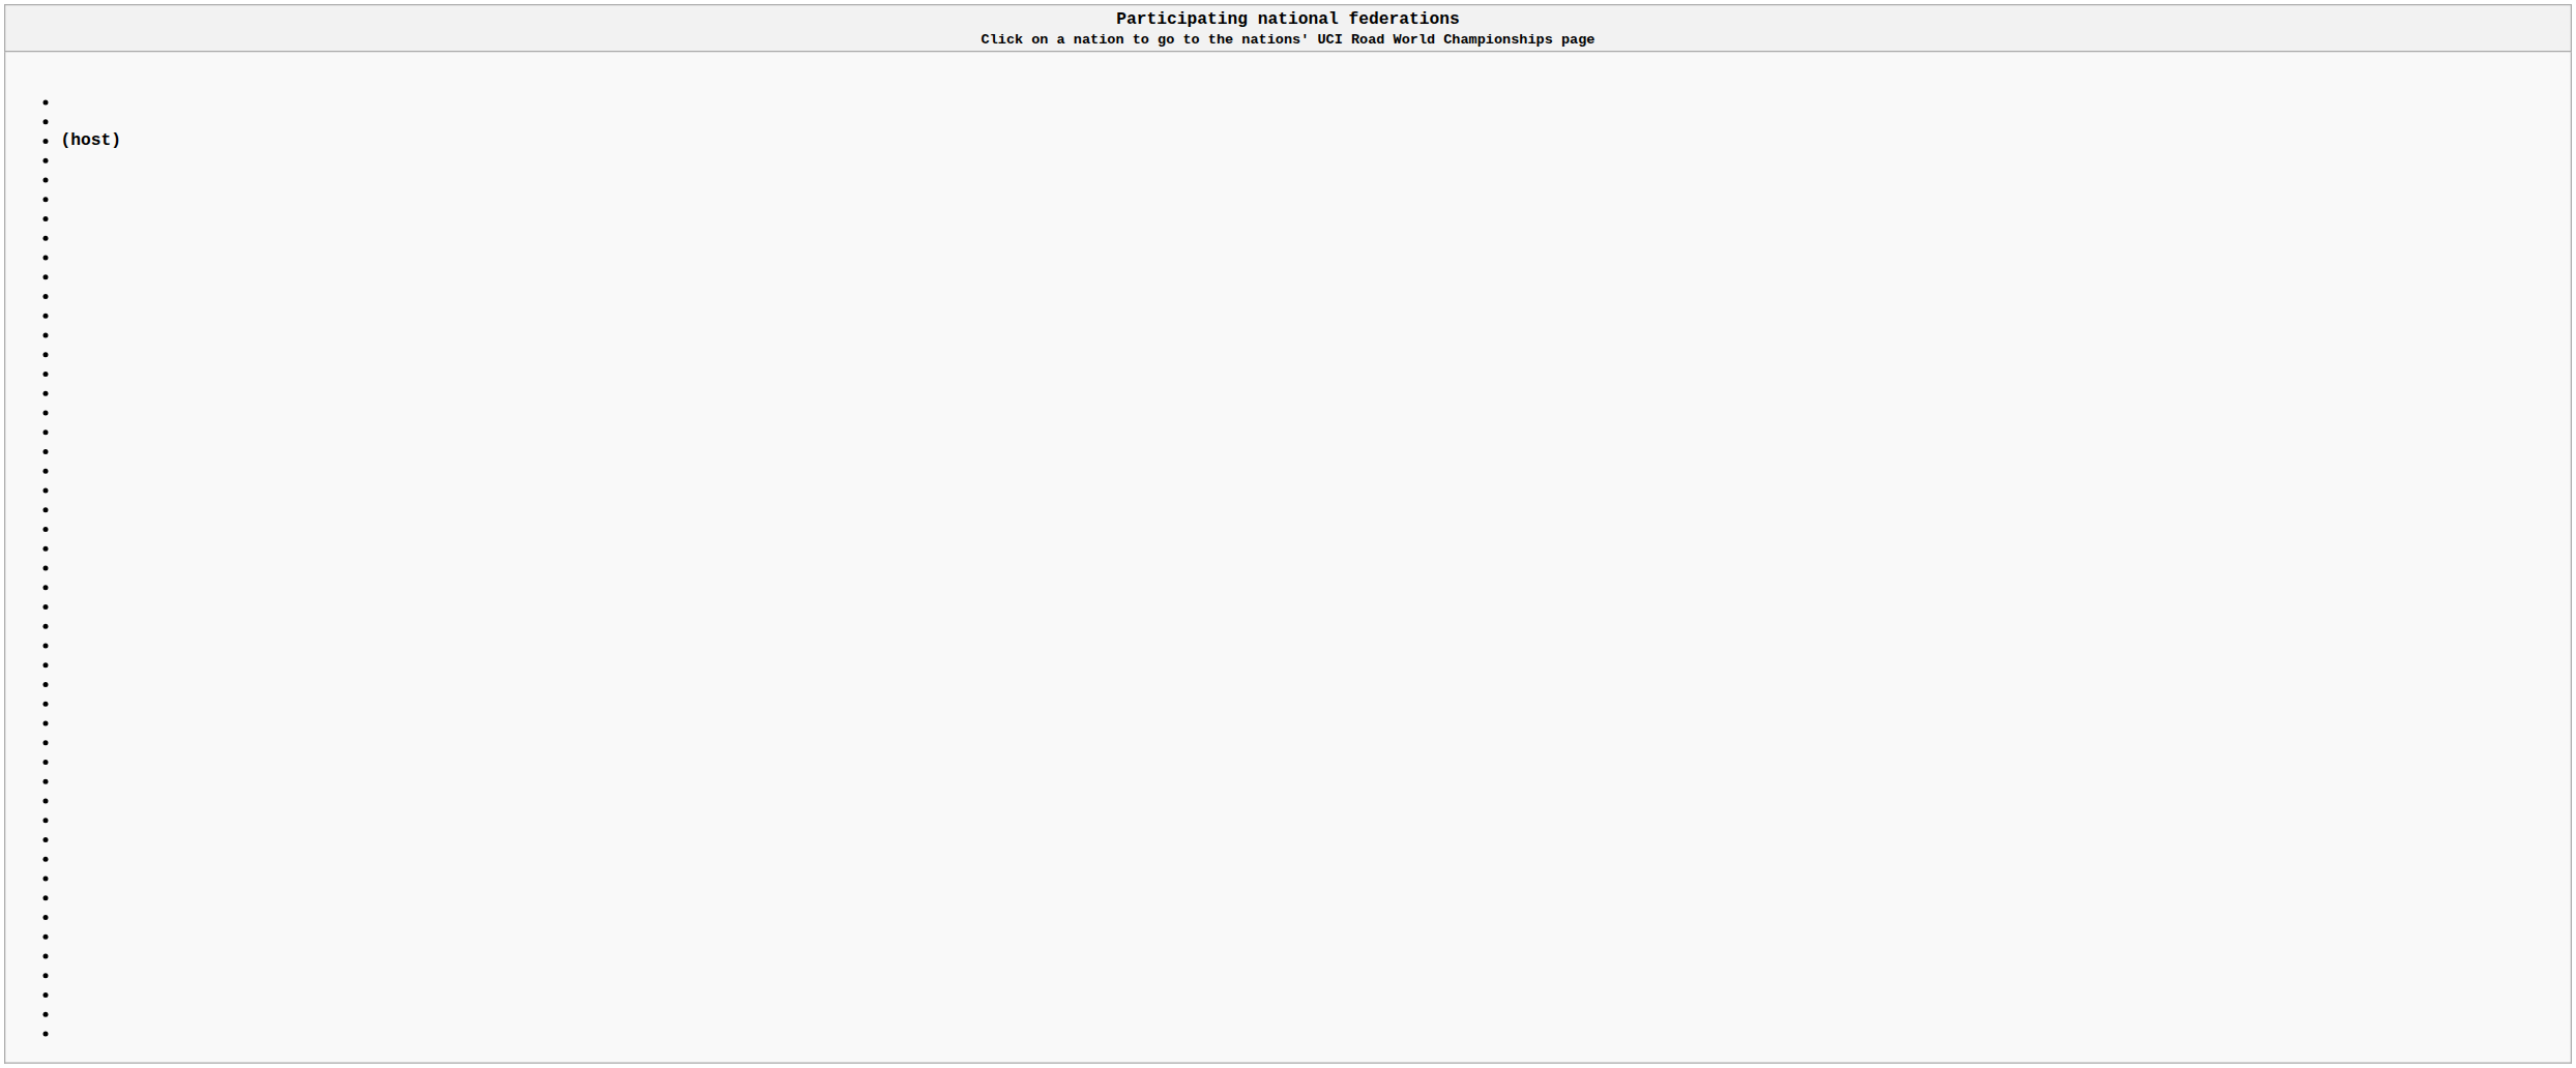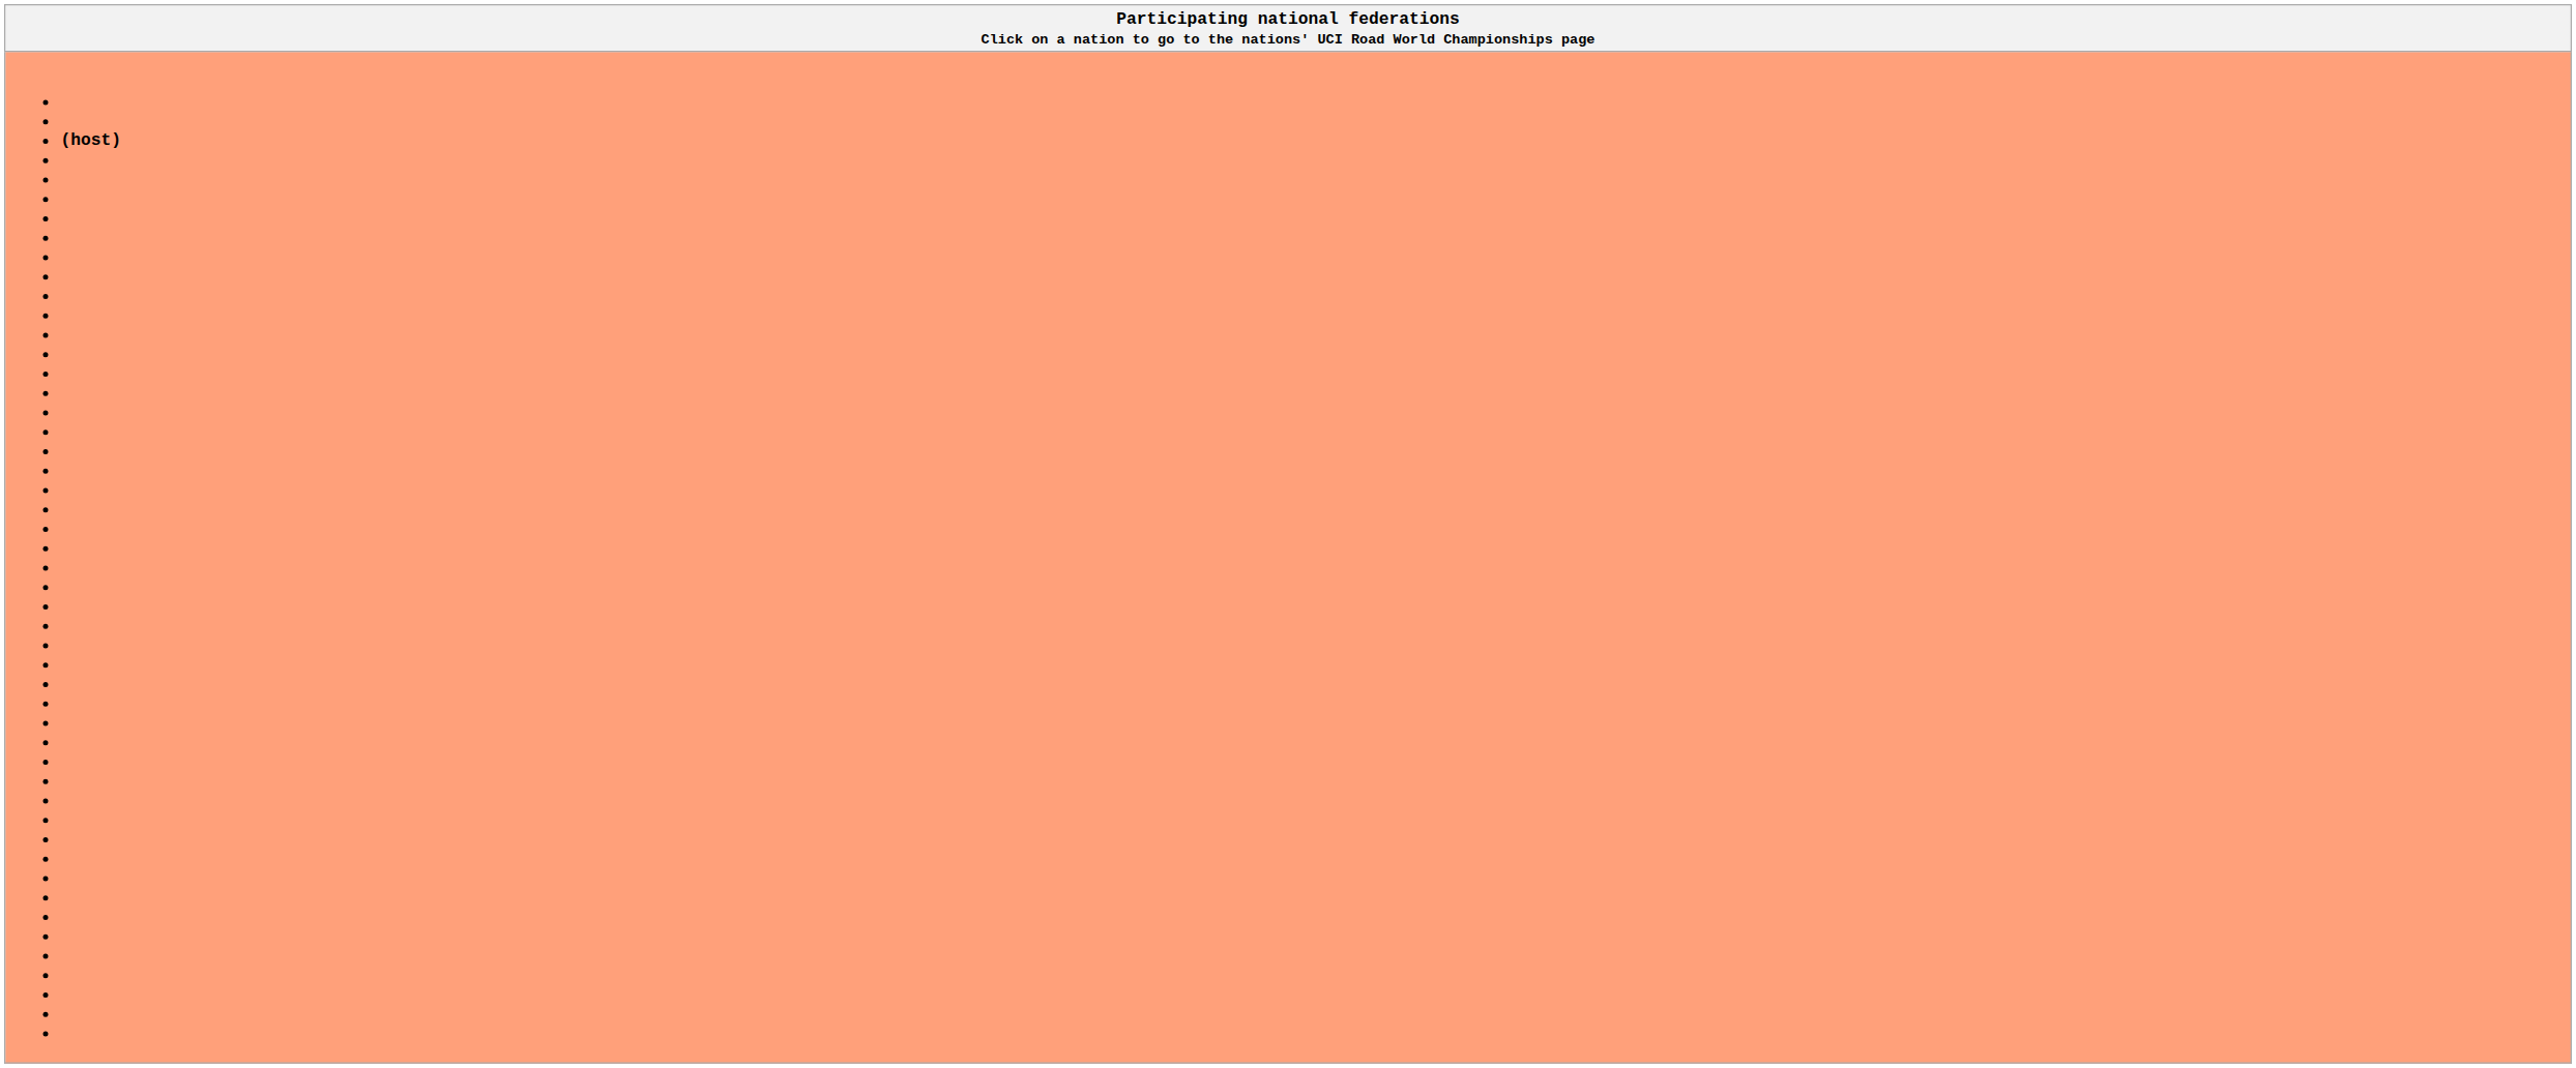 <table class="wikitable collapsible" style="width:100%;">
 <tr>
 <th>Participating national federations<br><small>Click on a nation to go to the nations' UCI Road World Championships page</small></th>
 </tr>
 <tr>
-<td><br><ul><li></li><li></li><li> <strong>(host)</strong></li><li></li><li></li><li></li><li></li><li></li><li></li><li></li><li></li><li></li><li></li><li></li><li></li><li></li><li></li><li></li><li></li><li></li><li></li><li></li><li></li><li></li><li></li><li></li><li></li><li></li><li></li><li></li><li></li><li></li><li></li><li></li><li></li><li></li><li></li><li></li><li></li><li></li><li></li><li></li><li></li><li></li><li></li><li></li><li></li><li></li><li></li></ul></td>
+<td style="background: lightsalmon;"><br><ul><li></li><li></li><li> <strong>(host)</strong></li><li></li><li></li><li></li><li></li><li></li><li></li><li></li><li></li><li></li><li></li><li></li><li></li><li></li><li></li><li></li><li></li><li></li><li></li><li></li><li></li><li></li><li></li><li></li><li></li><li></li><li></li><li></li><li></li><li></li><li></li><li></li><li></li><li></li><li></li><li></li><li></li><li></li><li></li><li></li><li></li><li></li><li></li><li></li><li></li><li></li><li></li></ul></td>
 </tr>
 </table>
